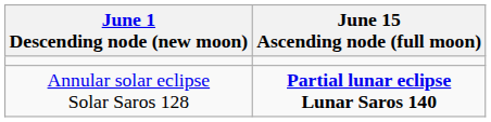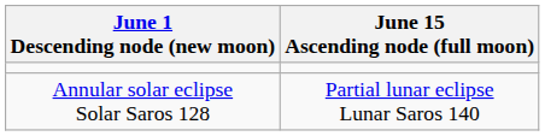 <table class="wikitable">
 <tr>
 <th><a href='#'>June 1</a><br>Descending node (new moon)<br></th>
 <th>June 15<br>Ascending node (full moon)<br></th>
 </tr>
 <tr>
 <td></td>
 <td></td>
 </tr>
 <tr align=center>
 <td><a href='#'>Annular solar eclipse</a><br>Solar Saros 128</td>
-<td><strong><a href='#'>Partial lunar eclipse</a><br>Lunar Saros 140</strong></td>
+<td><a href='#'>Partial lunar eclipse</a><br>Lunar Saros 140</td>
 </tr>
 </table>
